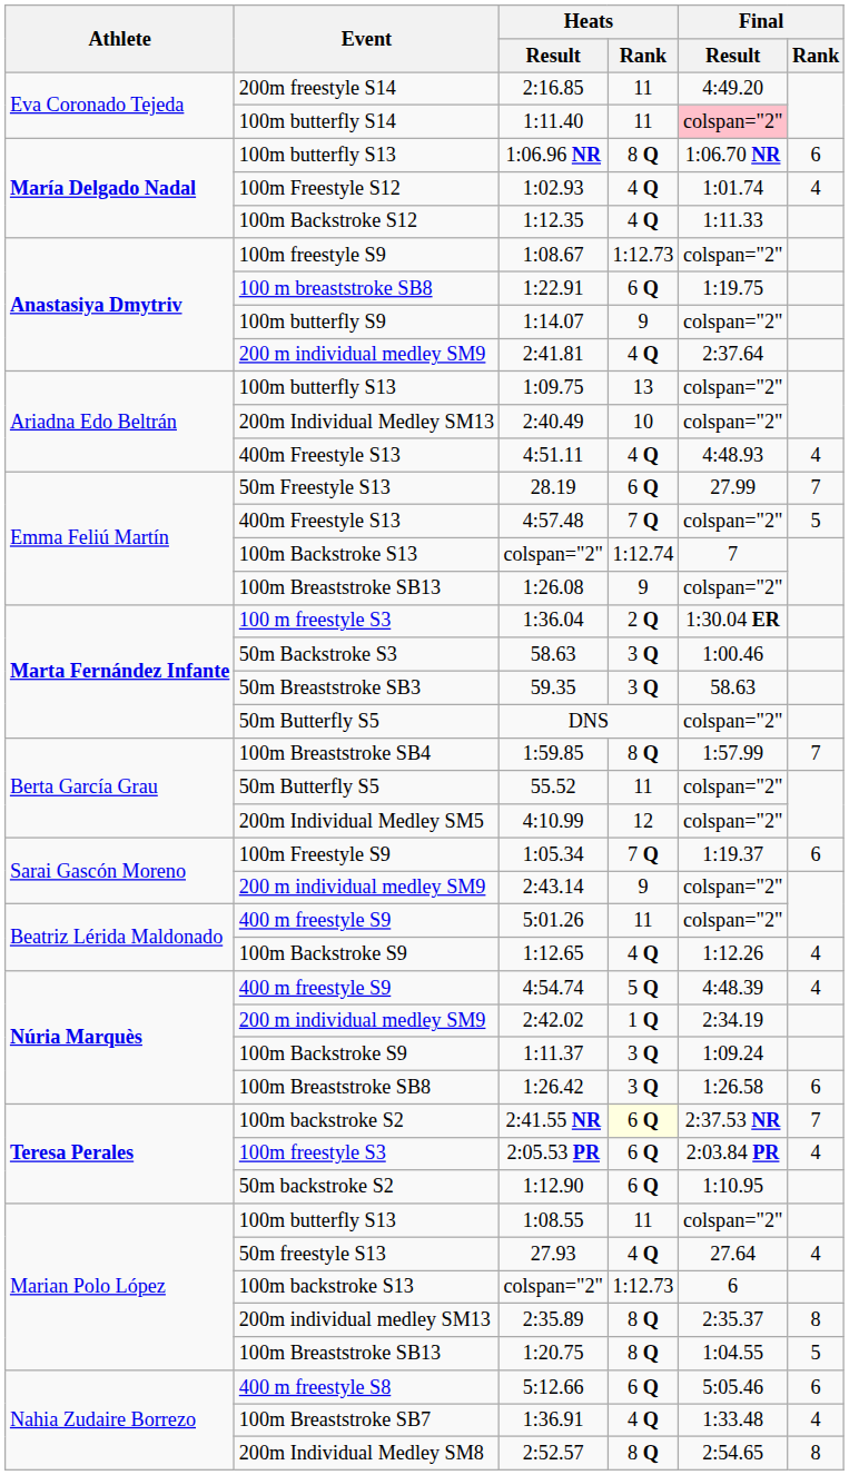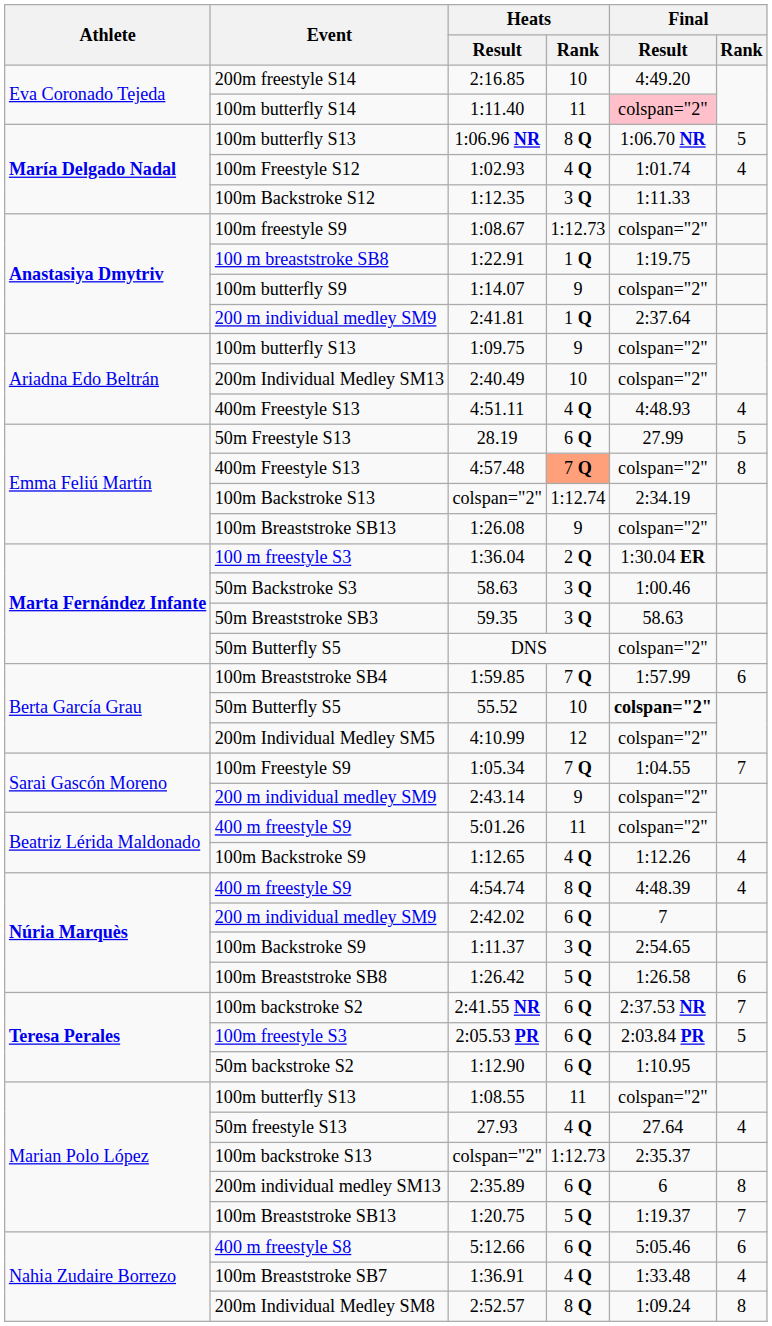 <table class=wikitable style="font-size:90%">
 <tr>
 <th rowspan="2">Athlete</th>
 <th rowspan="2">Event</th>
 <th colspan="2">Heats</th>
 <th colspan="2">Final</th>
 </tr>
 <tr>
 <th>Result</th>
 <th>Rank</th>
 <th>Result</th>
 <th>Rank</th>
 </tr>
 <tr align="center">
 <td rowspan="2" align="left"><a href='#'>Eva Coronado Tejeda</a></td>
 <td align="left">200m freestyle S14</td>
 <td>2:16.85</td>
-<td>11</td>
+<td>10</td>
 <td>4:49.20</td>
 </tr>
 <tr align="center">
 <td align="left">100m butterfly S14</td>
 <td>1:11.40</td>
 <td>11</td>
 <td style="background: pink;">colspan="2" </td>
 </tr>
 <tr align="center">
 <td rowspan="3" align="left"><strong><a href='#'>María Delgado Nadal</a></strong></td>
 <td align="left">100m butterfly S13</td>
 <td>1:06.96 <strong><a href='#'>NR</a></strong></td>
 <td>8 <strong>Q</strong></td>
 <td>1:06.70 <strong><a href='#'>NR</a></strong></td>
-<td>6</td>
+<td>5</td>
 </tr>
 <tr align="center">
 <td align="left">100m Freestyle S12</td>
 <td>1:02.93</td>
 <td>4 <strong>Q</strong></td>
 <td>1:01.74</td>
 <td>4</td>
 </tr>
 <tr align="center">
 <td align="left">100m Backstroke S12</td>
 <td>1:12.35</td>
-<td>4 <strong>Q</strong></td>
+<td>3 <strong>Q</strong></td>
 <td>1:11.33</td>
 <td></td>
 </tr>
 <tr align="center">
 <td rowspan="4" align="left"><strong><a href='#'>Anastasiya Dmytriv</a></strong></td>
 <td align="left">100m freestyle S9</td>
 <td>1:08.67</td>
 <td>1:12.73</td>
 <td>colspan="2" </td>
 </tr>
 <tr align="center">
 <td align="left"><a href='#'>100 m breaststroke SB8</a></td>
 <td>1:22.91</td>
-<td>6 <strong>Q</strong></td>
+<td>1 <strong>Q</strong></td>
 <td>1:19.75</td>
 <td></td>
 </tr>
 <tr align="center">
 <td align="left">100m butterfly S9</td>
 <td>1:14.07</td>
 <td>9</td>
 <td>colspan="2" </td>
 </tr>
 <tr align=center>
 <td align=left><a href='#'>200 m individual medley SM9</a></td>
 <td>2:41.81</td>
-<td>4 <strong>Q</strong></td>
+<td>1 <strong>Q</strong></td>
 <td>2:37.64</td>
 <td></td>
 </tr>
 <tr align=center>
 <td rowspan="3" align="left"><a href='#'>Ariadna Edo Beltrán</a></td>
 <td align=left>100m butterfly S13</td>
 <td>1:09.75</td>
-<td>13</td>
+<td>9</td>
 <td>colspan="2" </td>
 </tr>
 <tr align="center">
 <td align="left">200m Individual Medley SM13</td>
 <td>2:40.49</td>
 <td>10</td>
 <td>colspan="2" </td>
 </tr>
 <tr align="center">
 <td align="left">400m Freestyle S13</td>
 <td>4:51.11</td>
 <td>4 <strong>Q</strong></td>
 <td>4:48.93</td>
 <td>4</td>
 </tr>
 <tr align="center">
 <td rowspan="4" align="left"><a href='#'>Emma Feliú Martín</a></td>
 <td align="left">50m Freestyle S13</td>
 <td>28.19</td>
 <td>6 <strong>Q</strong></td>
 <td>27.99</td>
-<td>7</td>
+<td>5</td>
 </tr>
 <tr align="center">
 <td align="left">400m Freestyle S13</td>
 <td>4:57.48</td>
-<td>7 <strong>Q</strong></td>
+<td style="background: lightsalmon;">7 <strong>Q</strong></td>
 <td>colspan="2" </td>
-<td>5</td>
+<td>8</td>
 </tr>
 <tr align="center">
 <td align="left">100m Backstroke S13</td>
 <td>colspan="2" </td>
 <td>1:12.74</td>
-<td>7</td>
+<td>2:34.19</td>
 </tr>
 <tr align="center">
 <td align="left">100m Breaststroke SB13</td>
 <td>1:26.08</td>
 <td>9</td>
 <td>colspan="2" </td>
 </tr>
 <tr align="center">
 <td rowspan="4" align="left"><strong><a href='#'>Marta Fernández Infante</a></strong></td>
 <td align="left"><a href='#'>100 m freestyle S3</a></td>
 <td>1:36.04</td>
 <td>2 <strong>Q</strong></td>
 <td>1:30.04 <strong>ER</strong></td>
 <td></td>
 </tr>
 <tr align="center">
 <td align="left">50m Backstroke S3</td>
 <td>58.63</td>
 <td>3 <strong>Q</strong></td>
 <td>1:00.46</td>
 <td></td>
 </tr>
 <tr align="center">
 <td align="left">50m Breaststroke SB3</td>
 <td>59.35</td>
 <td>3 <strong>Q</strong></td>
 <td>58.63</td>
 <td></td>
 </tr>
 <tr align="center">
 <td align="left">50m Butterfly S5</td>
 <td colspan="2">DNS</td>
 <td>colspan="2" </td>
 </tr>
 <tr align="center">
 <td rowspan="3" align="left"><a href='#'>Berta García Grau</a></td>
 <td align="left">100m Breaststroke SB4</td>
 <td>1:59.85</td>
-<td>8 <strong>Q</strong></td>
+<td>7 <strong>Q</strong></td>
 <td>1:57.99</td>
-<td>7</td>
+<td>6</td>
 </tr>
 <tr align="center">
 <td align="left">50m Butterfly S5</td>
 <td>55.52</td>
-<td>11</td>
-<td>colspan="2" </td>
+<td>10</td>
+<td><strong>colspan="2" </strong></td>
 </tr>
 <tr align="center">
 <td align="left">200m Individual Medley SM5</td>
 <td>4:10.99</td>
 <td>12</td>
 <td>colspan="2" </td>
 </tr>
 <tr align="center">
 <td rowspan="2"align="left"><a href='#'>Sarai Gascón Moreno</a></td>
 <td align="left">100m Freestyle S9</td>
 <td>1:05.34</td>
 <td>7 <strong>Q</strong></td>
-<td>1:19.37</td>
-<td>6</td>
+<td>1:04.55</td>
+<td>7</td>
 </tr>
 <tr align="center">
 <td align="left"><a href='#'>200 m individual medley SM9</a></td>
 <td>2:43.14</td>
 <td>9</td>
 <td>colspan="2" </td>
 </tr>
 <tr align="center">
 <td rowspan="2" align="left"><a href='#'>Beatriz Lérida Maldonado</a></td>
 <td align="left"><a href='#'>400 m freestyle S9</a></td>
 <td>5:01.26</td>
 <td>11</td>
 <td>colspan="2" </td>
 </tr>
 <tr align=center>
 <td align=left>100m Backstroke S9</td>
 <td>1:12.65</td>
 <td>4 <strong>Q</strong></td>
 <td>1:12.26</td>
 <td>4</td>
 </tr>
 <tr align="center">
 <td rowspan="4" align="left"><strong><a href='#'>Núria Marquès</a></strong></td>
 <td align=left><a href='#'>400 m freestyle S9</a></td>
 <td>4:54.74</td>
-<td>5 <strong>Q</strong></td>
+<td>8 <strong>Q</strong></td>
 <td>4:48.39</td>
 <td>4</td>
 </tr>
 <tr align=center>
 <td align="left"><a href='#'>200 m individual medley SM9</a></td>
 <td>2:42.02</td>
-<td>1 <strong>Q</strong></td>
-<td>2:34.19</td>
+<td>6 <strong>Q</strong></td>
+<td>7</td>
 <td></td>
 </tr>
 <tr align=center>
 <td align=left>100m Backstroke S9</td>
 <td>1:11.37</td>
 <td>3 <strong>Q</strong></td>
-<td>1:09.24</td>
+<td>2:54.65</td>
 <td></td>
 </tr>
 <tr align="center">
 <td align=left>100m Breaststroke SB8</td>
 <td align=center>1:26.42</td>
-<td>3 <strong>Q</strong></td>
+<td align=center>5 <strong>Q</strong></td>
 <td>1:26.58</td>
 <td>6</td>
 </tr>
 <tr align="center">
 <td rowspan="3" align="left"><strong><a href='#'>Teresa Perales</a></strong></td>
 <td align="left">100m backstroke S2</td>
 <td>2:41.55 <strong><a href='#'>NR</a></strong></td>
-<td style="background: lightyellow;">6 <strong>Q</strong></td>
+<td>6 <strong>Q</strong></td>
 <td>2:37.53 <strong><a href='#'>NR</a></strong></td>
 <td>7</td>
 </tr>
 <tr align="center">
 <td align="left"><a href='#'>100m freestyle S3</a></td>
 <td>2:05.53 <strong><a href='#'>PR</a></strong></td>
 <td>6 <strong>Q</strong></td>
 <td>2:03.84 <strong><a href='#'>PR</a></strong></td>
-<td>4</td>
+<td>5</td>
 </tr>
 <tr align="center">
 <td align="left">50m backstroke S2</td>
 <td>1:12.90</td>
 <td>6 <strong>Q</strong></td>
 <td>1:10.95</td>
 <td></td>
 </tr>
 <tr align="center">
 <td rowspan="5" align="left"><a href='#'>Marian Polo López</a></td>
 <td align="left">100m butterfly S13</td>
 <td>1:08.55</td>
 <td>11</td>
 <td>colspan="2" </td>
 </tr>
 <tr align="center">
 <td align="left">50m freestyle S13</td>
 <td>27.93</td>
 <td>4 <strong>Q</strong></td>
 <td>27.64</td>
 <td>4</td>
 </tr>
 <tr align="center">
 <td align="left">100m backstroke S13</td>
 <td>colspan="2" </td>
 <td>1:12.73</td>
-<td>6</td>
+<td>2:35.37</td>
 </tr>
 <tr align="center">
 <td align="left">200m individual medley SM13</td>
 <td>2:35.89</td>
-<td>8 <strong>Q</strong></td>
-<td>2:35.37</td>
+<td>6 <strong>Q</strong></td>
+<td>6</td>
 <td>8</td>
 </tr>
 <tr align="center">
 <td align="left">100m Breaststroke SB13</td>
 <td>1:20.75</td>
-<td>8 <strong>Q</strong></td>
-<td>1:04.55</td>
-<td>5</td>
+<td>5 <strong>Q</strong></td>
+<td>1:19.37</td>
+<td>7</td>
 </tr>
 <tr align="center">
 <td rowspan="3" align="left"><a href='#'>Nahia Zudaire Borrezo</a></td>
 <td align="left"><a href='#'>400 m freestyle S8</a></td>
 <td>5:12.66</td>
 <td>6 <strong>Q</strong></td>
 <td>5:05.46</td>
 <td>6</td>
 </tr>
 <tr align="center">
 <td align="left">100m Breaststroke SB7</td>
 <td>1:36.91</td>
 <td>4 <strong>Q</strong></td>
 <td>1:33.48</td>
 <td>4</td>
 </tr>
 <tr align="center">
 <td align="left">200m Individual Medley SM8</td>
 <td>2:52.57</td>
 <td>8 <strong>Q</strong></td>
-<td>2:54.65</td>
+<td>1:09.24</td>
 <td>8</td>
 </tr>
 </table>
